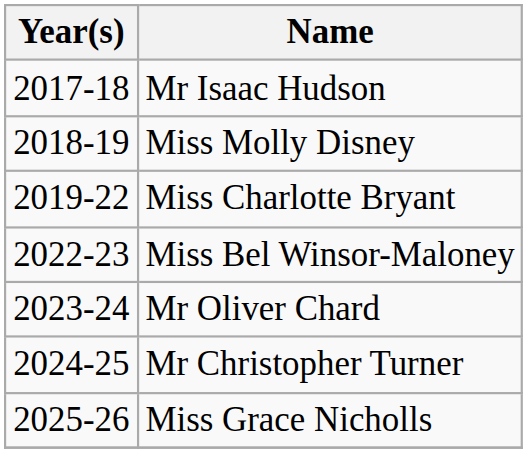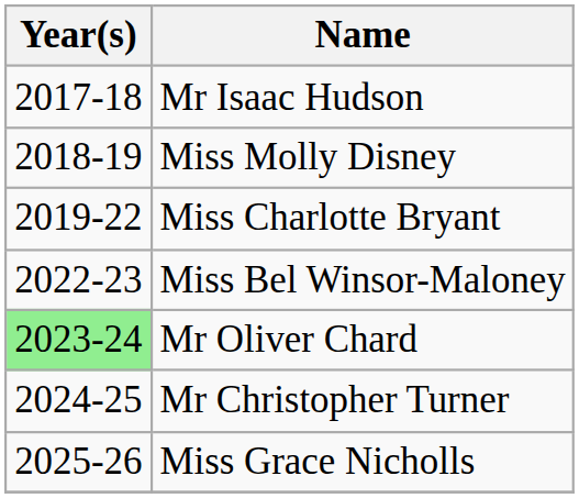 <table class="wikitable sortable">
 <tr>
 <th>Year(s)</th>
 <th>Name</th>
 </tr>
 <tr>
 <td>2017-18</td>
 <td>Mr Isaac Hudson</td>
 </tr>
 <tr>
 <td>2018-19</td>
 <td>Miss Molly Disney</td>
 </tr>
 <tr>
 <td>2019-22</td>
 <td>Miss Charlotte Bryant</td>
 </tr>
 <tr>
 <td>2022-23</td>
 <td>Miss Bel Winsor-Maloney</td>
 </tr>
 <tr>
-<td>2023-24</td>
+<td style="background: lightgreen;">2023-24</td>
 <td>Mr Oliver Chard</td>
 </tr>
 <tr>
 <td>2024-25</td>
 <td>Mr Christopher Turner</td>
 </tr>
 <tr>
 <td>2025-26</td>
 <td>Miss Grace Nicholls</td>
 </tr>
 <tr>
 </tr>
 </table>
